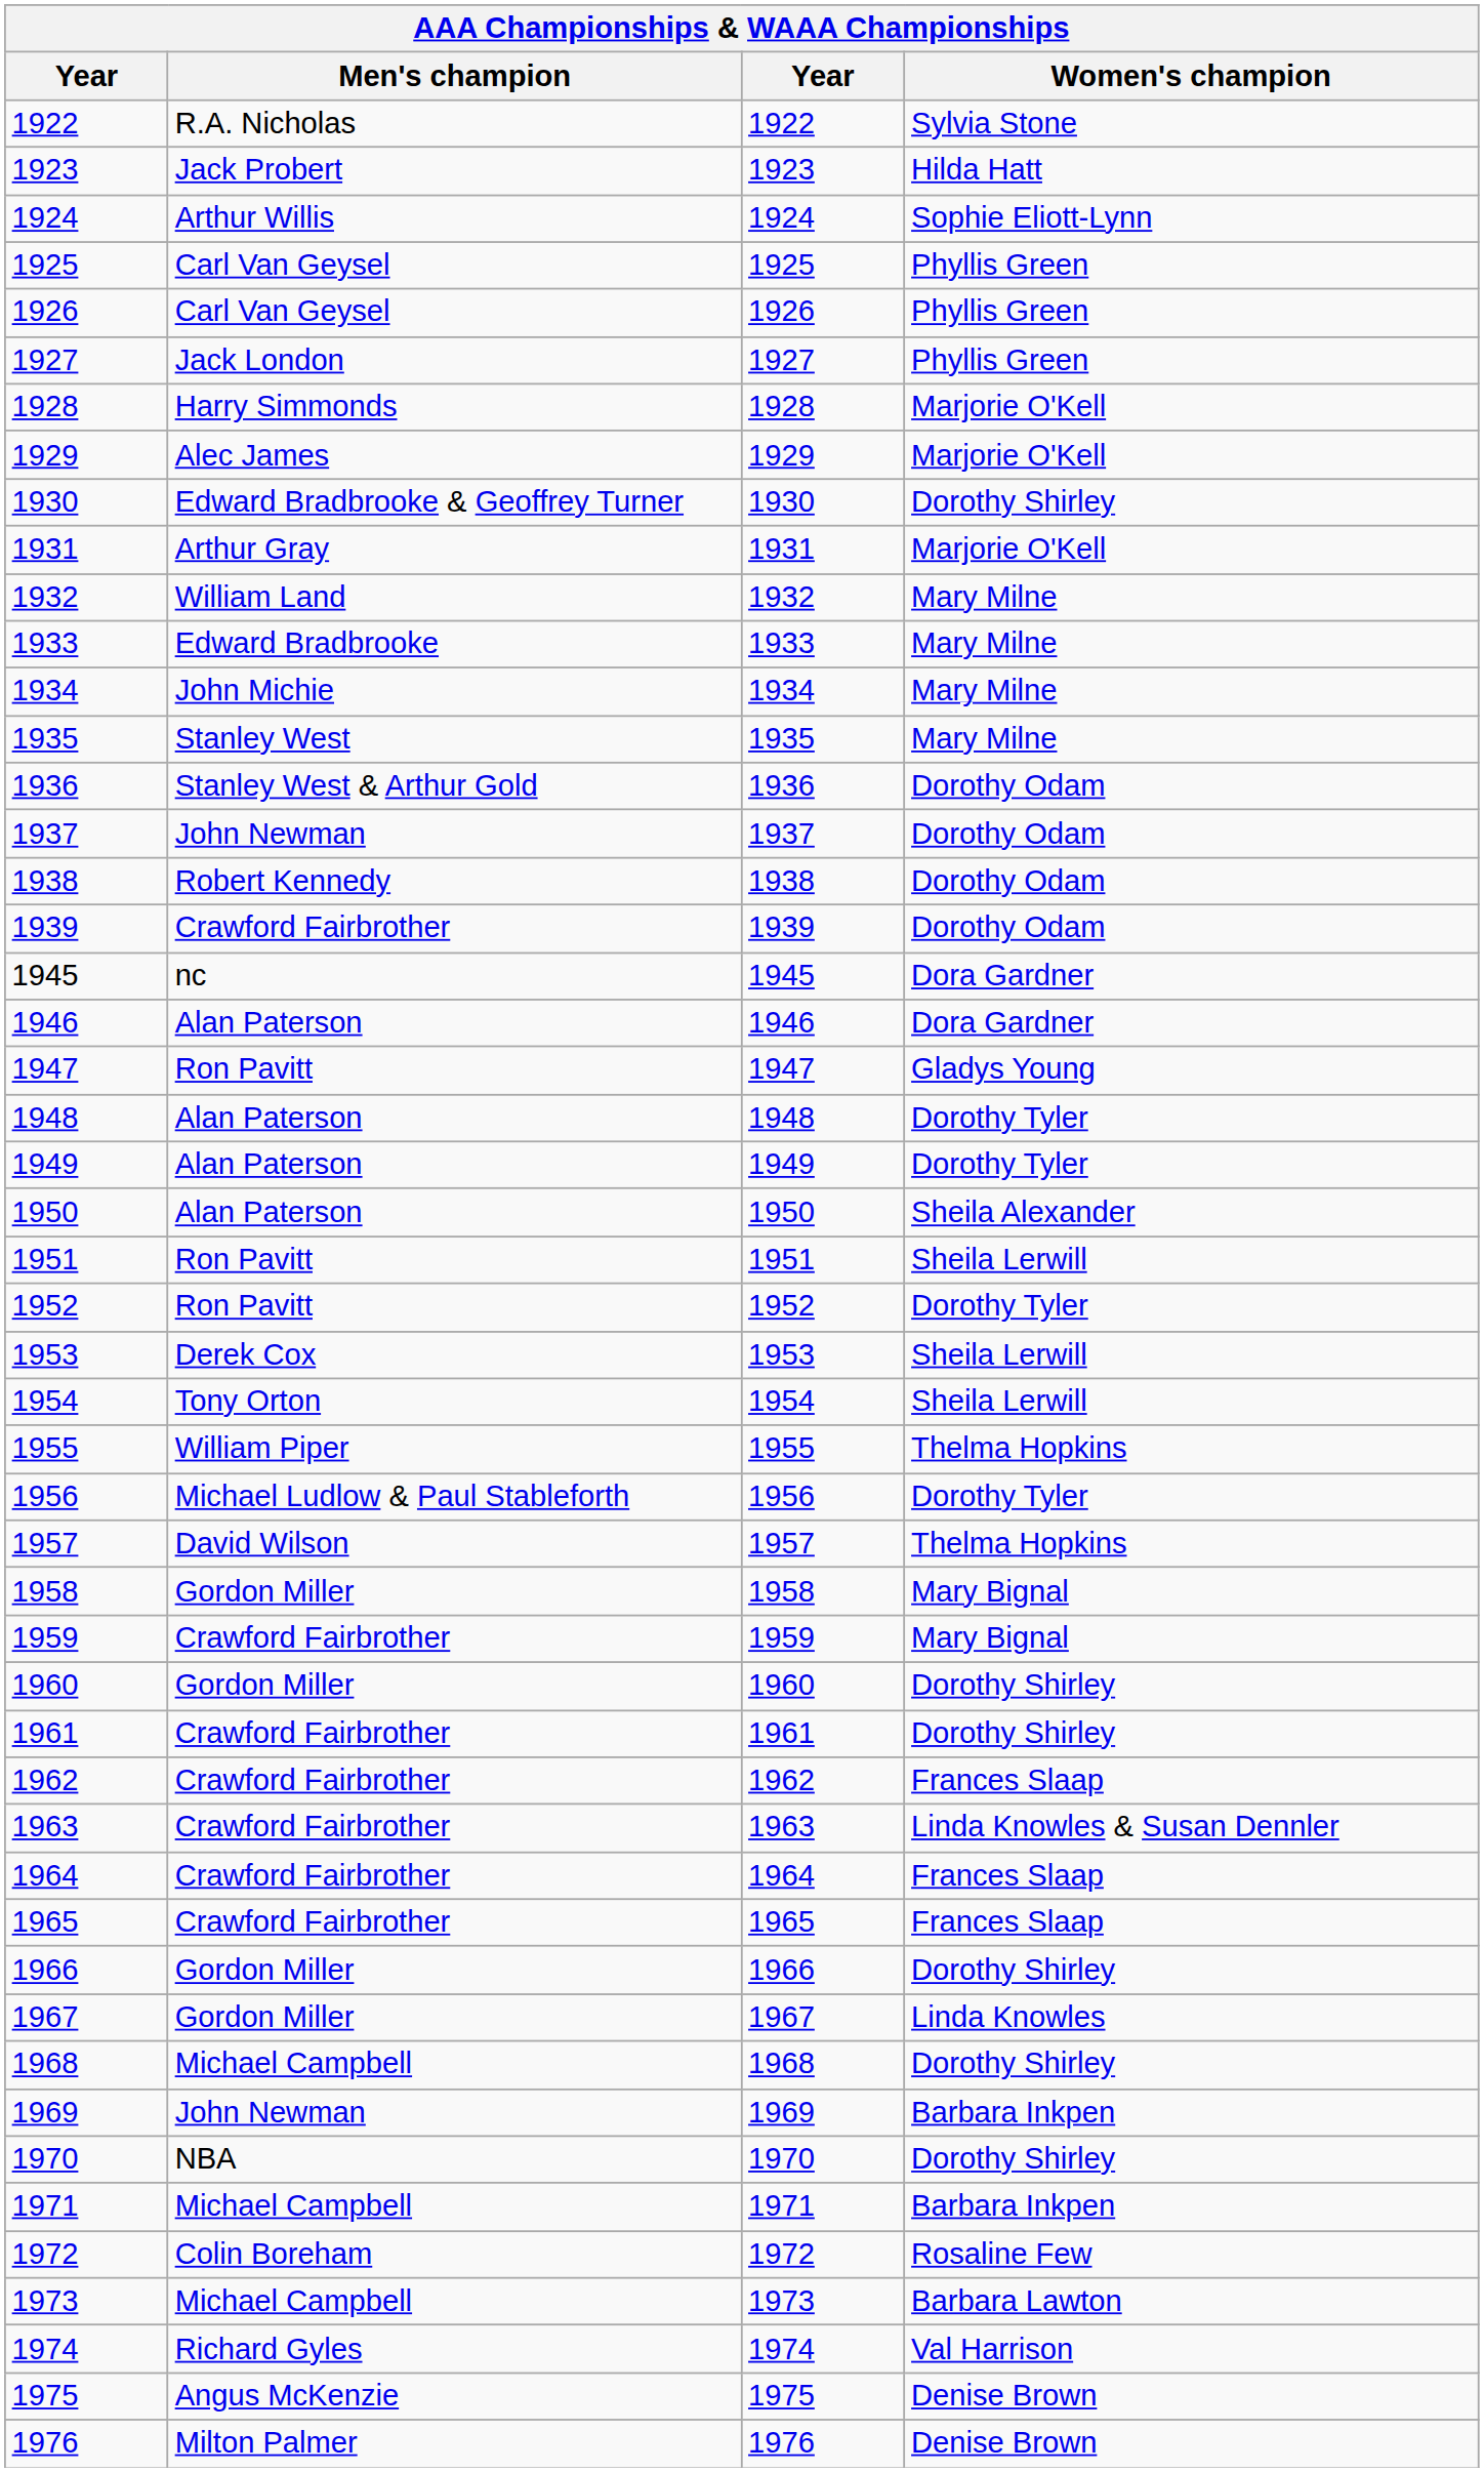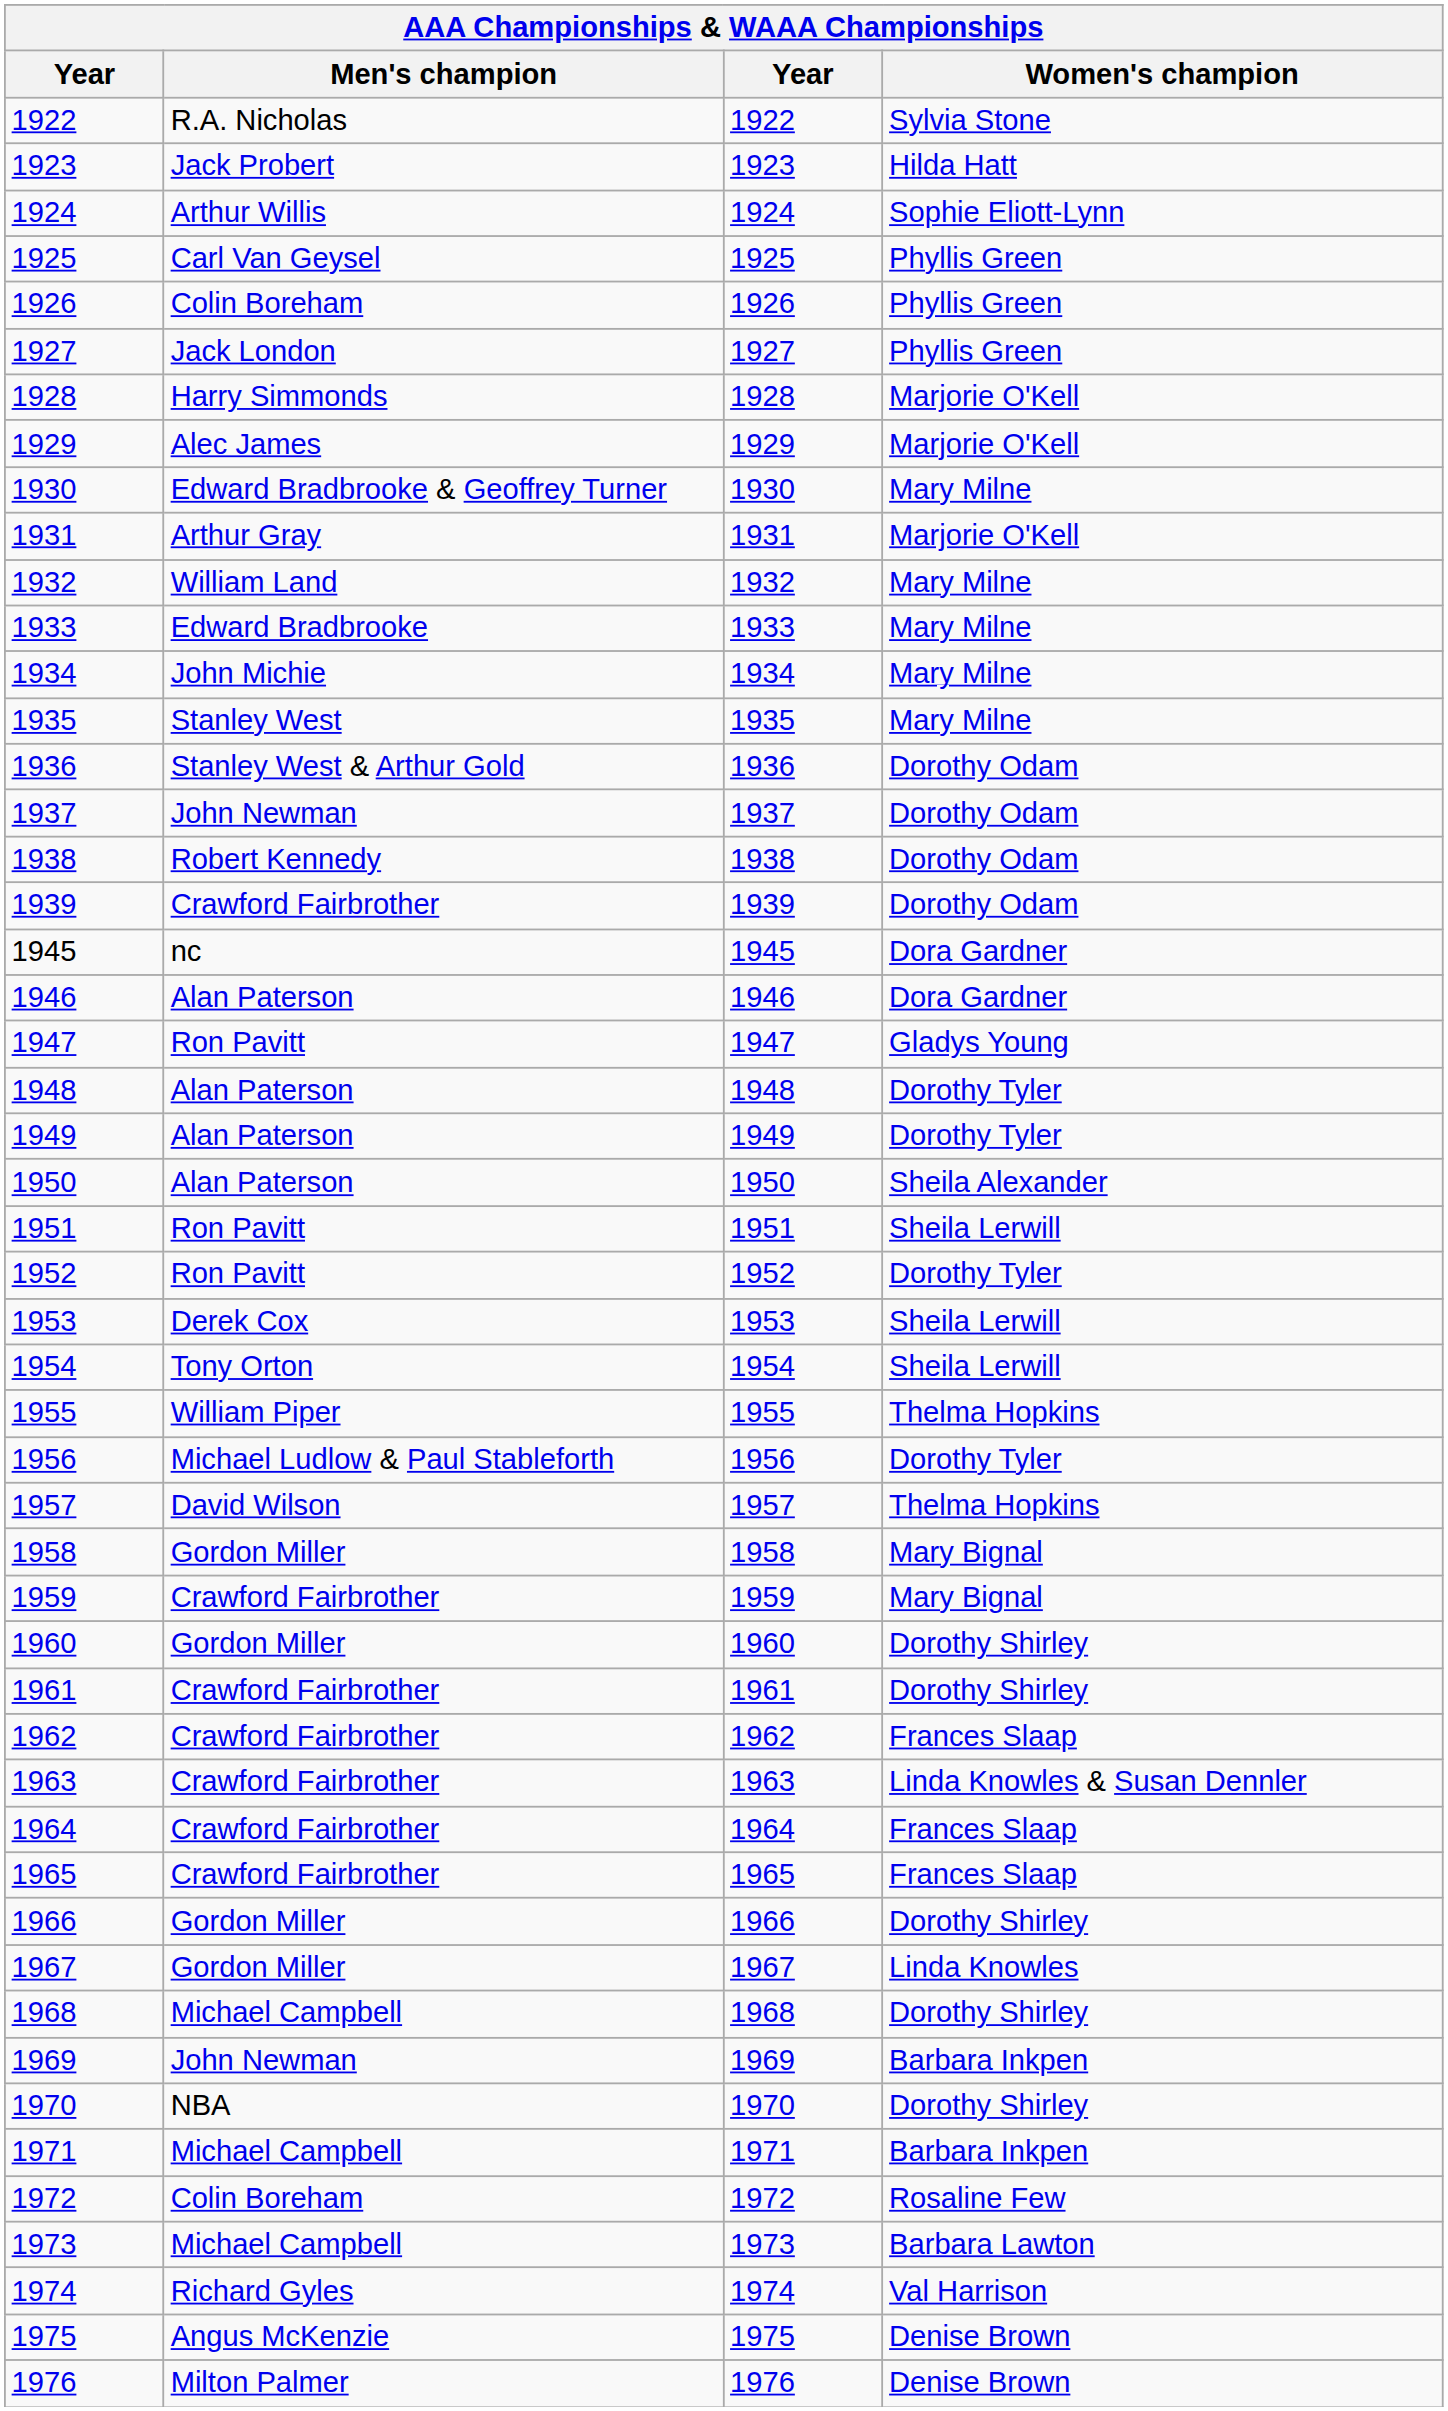 <table class="wikitable">
 <tr>
 <th colspan="4"><a href='#'>AAA Championships</a> & <a href='#'>WAAA Championships</a></th>
 </tr>
 <tr>
 <th width=80>Year</th>
 <th width=300>Men's champion</th>
 <th width=80>Year</th>
 <th width=300>Women's champion</th>
 </tr>
 <tr>
 <td><a href='#'>1922</a></td>
 <td>R.A. Nicholas</td>
 <td><a href='#'>1922</a></td>
 <td><a href='#'>Sylvia Stone</a></td>
 </tr>
 <tr>
 <td><a href='#'>1923</a></td>
 <td><a href='#'>Jack Probert</a></td>
 <td><a href='#'>1923</a></td>
 <td><a href='#'>Hilda Hatt</a></td>
 </tr>
 <tr>
 <td><a href='#'>1924</a></td>
 <td><a href='#'>Arthur Willis</a></td>
 <td><a href='#'>1924</a></td>
 <td><a href='#'>Sophie Eliott-Lynn</a></td>
 </tr>
 <tr>
 <td><a href='#'>1925</a></td>
 <td><a href='#'>Carl Van Geysel</a></td>
 <td><a href='#'>1925</a></td>
 <td><a href='#'>Phyllis Green</a></td>
 </tr>
 <tr>
 <td><a href='#'>1926</a></td>
-<td><a href='#'>Carl Van Geysel</a></td>
+<td><a href='#'>Colin Boreham</a></td>
 <td><a href='#'>1926</a></td>
 <td><a href='#'>Phyllis Green</a></td>
 </tr>
 <tr>
 <td><a href='#'>1927</a></td>
 <td><a href='#'>Jack London</a></td>
 <td><a href='#'>1927</a></td>
 <td><a href='#'>Phyllis Green</a></td>
 </tr>
 <tr>
 <td><a href='#'>1928</a></td>
 <td><a href='#'>Harry Simmonds</a></td>
 <td><a href='#'>1928</a></td>
 <td><a href='#'>Marjorie O'Kell</a></td>
 </tr>
 <tr>
 <td><a href='#'>1929</a></td>
 <td><a href='#'>Alec James</a></td>
 <td><a href='#'>1929</a></td>
 <td><a href='#'>Marjorie O'Kell</a></td>
 </tr>
 <tr>
 <td><a href='#'>1930</a></td>
 <td><a href='#'>Edward Bradbrooke</a> & <a href='#'>Geoffrey Turner</a></td>
 <td><a href='#'>1930</a></td>
-<td><a href='#'>Dorothy Shirley</a></td>
+<td><a href='#'>Mary Milne</a></td>
 </tr>
 <tr>
 <td><a href='#'>1931</a></td>
 <td><a href='#'>Arthur Gray</a></td>
 <td><a href='#'>1931</a></td>
 <td><a href='#'>Marjorie O'Kell</a></td>
 </tr>
 <tr>
 <td><a href='#'>1932</a></td>
 <td><a href='#'>William Land</a></td>
 <td><a href='#'>1932</a></td>
 <td><a href='#'>Mary Milne</a></td>
 </tr>
 <tr>
 <td><a href='#'>1933</a></td>
 <td><a href='#'>Edward Bradbrooke</a></td>
 <td><a href='#'>1933</a></td>
 <td><a href='#'>Mary Milne</a></td>
 </tr>
 <tr>
 <td><a href='#'>1934</a></td>
 <td><a href='#'>John Michie</a></td>
 <td><a href='#'>1934</a></td>
 <td><a href='#'>Mary Milne</a></td>
 </tr>
 <tr>
 <td><a href='#'>1935</a></td>
 <td><a href='#'>Stanley West</a></td>
 <td><a href='#'>1935</a></td>
 <td><a href='#'>Mary Milne</a></td>
 </tr>
 <tr>
 <td><a href='#'>1936</a></td>
 <td><a href='#'>Stanley West</a> & <a href='#'>Arthur Gold</a></td>
 <td><a href='#'>1936</a></td>
 <td><a href='#'>Dorothy Odam</a></td>
 </tr>
 <tr>
 <td><a href='#'>1937</a></td>
 <td><a href='#'>John Newman</a></td>
 <td><a href='#'>1937</a></td>
 <td><a href='#'>Dorothy Odam</a></td>
 </tr>
 <tr>
 <td><a href='#'>1938</a></td>
 <td><a href='#'>Robert Kennedy</a></td>
 <td><a href='#'>1938</a></td>
 <td><a href='#'>Dorothy Odam</a></td>
 </tr>
 <tr>
 <td><a href='#'>1939</a></td>
 <td><a href='#'>Crawford Fairbrother</a></td>
 <td><a href='#'>1939</a></td>
 <td><a href='#'>Dorothy Odam</a></td>
 </tr>
 <tr>
 <td>1945</td>
 <td>nc</td>
 <td><a href='#'>1945</a></td>
 <td><a href='#'>Dora Gardner</a></td>
 </tr>
 <tr>
 <td><a href='#'>1946</a></td>
 <td><a href='#'>Alan Paterson</a></td>
 <td><a href='#'>1946</a></td>
 <td><a href='#'>Dora Gardner</a></td>
 </tr>
 <tr>
 <td><a href='#'>1947</a></td>
 <td><a href='#'>Ron Pavitt</a></td>
 <td><a href='#'>1947</a></td>
 <td><a href='#'>Gladys Young</a></td>
 </tr>
 <tr>
 <td><a href='#'>1948</a></td>
 <td><a href='#'>Alan Paterson</a></td>
 <td><a href='#'>1948</a></td>
 <td><a href='#'>Dorothy Tyler</a></td>
 </tr>
 <tr>
 <td><a href='#'>1949</a></td>
 <td><a href='#'>Alan Paterson</a></td>
 <td><a href='#'>1949</a></td>
 <td><a href='#'>Dorothy Tyler</a></td>
 </tr>
 <tr>
 <td><a href='#'>1950</a></td>
 <td><a href='#'>Alan Paterson</a></td>
 <td><a href='#'>1950</a></td>
 <td><a href='#'>Sheila Alexander</a></td>
 </tr>
 <tr>
 <td><a href='#'>1951</a></td>
 <td><a href='#'>Ron Pavitt</a></td>
 <td><a href='#'>1951</a></td>
 <td><a href='#'>Sheila Lerwill</a></td>
 </tr>
 <tr>
 <td><a href='#'>1952</a></td>
 <td><a href='#'>Ron Pavitt</a></td>
 <td><a href='#'>1952</a></td>
 <td><a href='#'>Dorothy Tyler</a></td>
 </tr>
 <tr>
 <td><a href='#'>1953</a></td>
 <td><a href='#'>Derek Cox</a></td>
 <td><a href='#'>1953</a></td>
 <td><a href='#'>Sheila Lerwill</a></td>
 </tr>
 <tr>
 <td><a href='#'>1954</a></td>
 <td><a href='#'>Tony Orton</a></td>
 <td><a href='#'>1954</a></td>
 <td><a href='#'>Sheila Lerwill</a></td>
 </tr>
 <tr>
 <td><a href='#'>1955</a></td>
 <td><a href='#'>William Piper</a></td>
 <td><a href='#'>1955</a></td>
 <td><a href='#'>Thelma Hopkins</a></td>
 </tr>
 <tr>
 <td><a href='#'>1956</a></td>
 <td><a href='#'>Michael Ludlow</a> & <a href='#'>Paul Stableforth</a></td>
 <td><a href='#'>1956</a></td>
 <td><a href='#'>Dorothy Tyler</a></td>
 </tr>
 <tr>
 <td><a href='#'>1957</a></td>
 <td><a href='#'>David Wilson</a></td>
 <td><a href='#'>1957</a></td>
 <td><a href='#'>Thelma Hopkins</a></td>
 </tr>
 <tr>
 <td><a href='#'>1958</a></td>
 <td><a href='#'>Gordon Miller</a></td>
 <td><a href='#'>1958</a></td>
 <td><a href='#'>Mary Bignal</a></td>
 </tr>
 <tr>
 <td><a href='#'>1959</a></td>
 <td><a href='#'>Crawford Fairbrother</a></td>
 <td><a href='#'>1959</a></td>
 <td><a href='#'>Mary Bignal</a></td>
 </tr>
 <tr>
 <td><a href='#'>1960</a></td>
 <td><a href='#'>Gordon Miller</a></td>
 <td><a href='#'>1960</a></td>
 <td><a href='#'>Dorothy Shirley</a></td>
 </tr>
 <tr>
 <td><a href='#'>1961</a></td>
 <td><a href='#'>Crawford Fairbrother</a></td>
 <td><a href='#'>1961</a></td>
 <td><a href='#'>Dorothy Shirley</a></td>
 </tr>
 <tr>
 <td><a href='#'>1962</a></td>
 <td><a href='#'>Crawford Fairbrother</a></td>
 <td><a href='#'>1962</a></td>
 <td><a href='#'>Frances Slaap</a></td>
 </tr>
 <tr>
 <td><a href='#'>1963</a></td>
 <td><a href='#'>Crawford Fairbrother</a></td>
 <td><a href='#'>1963</a></td>
 <td><a href='#'>Linda Knowles</a> & <a href='#'>Susan Dennler</a></td>
 </tr>
 <tr>
 <td><a href='#'>1964</a></td>
 <td><a href='#'>Crawford Fairbrother</a></td>
 <td><a href='#'>1964</a></td>
 <td><a href='#'>Frances Slaap</a></td>
 </tr>
 <tr>
 <td><a href='#'>1965</a></td>
 <td><a href='#'>Crawford Fairbrother</a></td>
 <td><a href='#'>1965</a></td>
 <td><a href='#'>Frances Slaap</a></td>
 </tr>
 <tr>
 <td><a href='#'>1966</a></td>
 <td><a href='#'>Gordon Miller</a></td>
 <td><a href='#'>1966</a></td>
 <td><a href='#'>Dorothy Shirley</a></td>
 </tr>
 <tr>
 <td><a href='#'>1967</a></td>
 <td><a href='#'>Gordon Miller</a></td>
 <td><a href='#'>1967</a></td>
 <td><a href='#'>Linda Knowles</a></td>
 </tr>
 <tr>
 <td><a href='#'>1968</a></td>
 <td><a href='#'>Michael Campbell</a></td>
 <td><a href='#'>1968</a></td>
 <td><a href='#'>Dorothy Shirley</a></td>
 </tr>
 <tr>
 <td><a href='#'>1969</a></td>
 <td><a href='#'>John Newman</a></td>
 <td><a href='#'>1969</a></td>
 <td><a href='#'>Barbara Inkpen</a></td>
 </tr>
 <tr>
 <td><a href='#'>1970</a></td>
 <td>NBA</td>
 <td><a href='#'>1970</a></td>
 <td><a href='#'>Dorothy Shirley</a></td>
 </tr>
 <tr>
 <td><a href='#'>1971</a></td>
 <td><a href='#'>Michael Campbell</a></td>
 <td><a href='#'>1971</a></td>
 <td><a href='#'>Barbara Inkpen</a></td>
 </tr>
 <tr>
 <td><a href='#'>1972</a></td>
 <td><a href='#'>Colin Boreham</a></td>
 <td><a href='#'>1972</a></td>
 <td><a href='#'>Rosaline Few</a></td>
 </tr>
 <tr>
 <td><a href='#'>1973</a></td>
 <td><a href='#'>Michael Campbell</a></td>
 <td><a href='#'>1973</a></td>
 <td><a href='#'>Barbara Lawton</a></td>
 </tr>
 <tr>
 <td><a href='#'>1974</a></td>
 <td><a href='#'>Richard Gyles</a></td>
 <td><a href='#'>1974</a></td>
 <td><a href='#'>Val Harrison</a></td>
 </tr>
 <tr>
 <td><a href='#'>1975</a></td>
 <td><a href='#'>Angus McKenzie</a></td>
 <td><a href='#'>1975</a></td>
 <td><a href='#'>Denise Brown</a></td>
 </tr>
 <tr>
 <td><a href='#'>1976</a></td>
 <td><a href='#'>Milton Palmer</a></td>
 <td><a href='#'>1976</a></td>
 <td><a href='#'>Denise Brown</a></td>
 </tr>
 </table>
